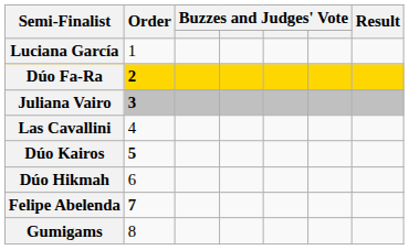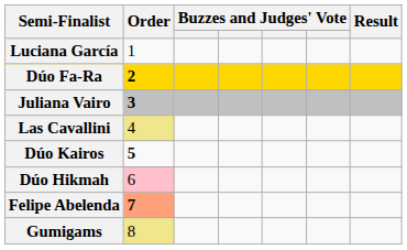 <table class="wikitable plainrowheaders sortable">
 <tr>
 <th rowspan="2" class="unsortable" scope="col">Semi-Finalist</th>
 <th rowspan="2" scope="col">Order</th>
 <th colspan="4" class="unsortable" scope="col">Buzzes and Judges' Vote</th>
 <th rowspan="2" scope="col">Result</th>
 </tr>
 <tr>
 <th class="unsortable" scope="col"></th>
 <th class="unsortable" scope="col"></th>
 <th class="unsortable" scope="col"></th>
 <th></th>
 </tr>
 <tr>
 <th scope="row">Luciana García</th>
 <td>1</td>
 <td style="text-align:center;"></td>
 <td></td>
 <td style="text-align:center;"></td>
 <td></td>
 <td></td>
 </tr>
 <tr bgcolor="gold">
 <th scope="row">Dúo Fa-Ra</th>
 <td><strong>2</strong></td>
 <td></td>
 <td></td>
 <td></td>
 <td></td>
 <td><strong></strong></td>
 </tr>
 <tr bgcolor="silver">
 <th scope="row">Juliana Vairo</th>
 <td><strong>3</strong></td>
 <td style="text-align:center;"></td>
 <td style="text-align:center;"></td>
 <td></td>
 <td style="text-align:center;"></td>
 <td><strong></strong></td>
 </tr>
 <tr>
 <th scope="row">Las Cavallini</th>
-<td>4</td>
+<td style="background: khaki;">4</td>
 <td></td>
 <td></td>
 <td></td>
 <td></td>
 <td></td>
 </tr>
 <tr>
 <th scope="row">Dúo Kairos</th>
 <td><strong>5</strong></td>
 <td></td>
 <td></td>
 <td style="text-align:center;"></td>
 <td style="text-align:center;"></td>
 <td></td>
 </tr>
 <tr>
 <th scope="row">Dúo Hikmah</th>
-<td>6</td>
+<td style="background: pink;">6</td>
 <td></td>
 <td></td>
 <td></td>
 <td></td>
 <td></td>
 </tr>
 <tr>
 <th scope="row">Felipe Abelenda</th>
-<td><strong>7</strong></td>
+<td style="background: lightsalmon;"><strong>7</strong></td>
 <td></td>
 <td></td>
 <td></td>
 <td></td>
 <td></td>
 </tr>
 <tr>
 <th scope="row">Gumigams</th>
-<td>8</td>
+<td style="background: khaki;">8</td>
 <td></td>
 <td style="text-align:center;"></td>
 <td></td>
 <td></td>
 <td></td>
 </tr>
 </table>
